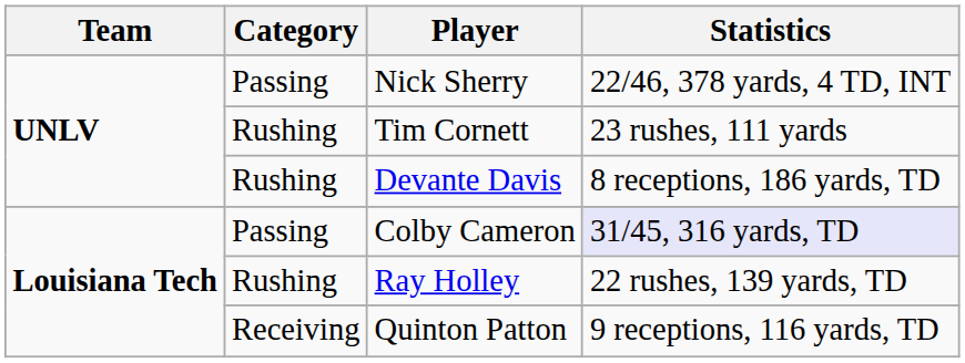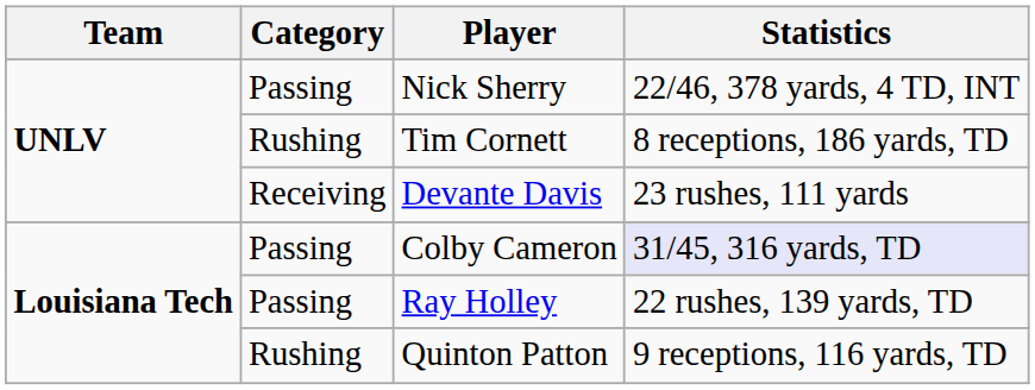 <table class="wikitable" style="float: left;">
 <tr>
 <th>Team</th>
 <th>Category</th>
 <th>Player</th>
 <th>Statistics</th>
 </tr>
 <tr>
 <td rowspan=3><strong>UNLV</strong></td>
 <td>Passing</td>
 <td>Nick Sherry</td>
 <td>22/46, 378 yards, 4 TD, INT</td>
 </tr>
 <tr>
 <td>Rushing</td>
 <td>Tim Cornett</td>
-<td>23 rushes, 111 yards</td>
+<td>8 receptions, 186 yards, TD</td>
 </tr>
 <tr>
-<td>Rushing</td>
+<td>Receiving</td>
 <td><a href='#'>Devante Davis</a></td>
-<td>8 receptions, 186 yards, TD</td>
+<td>23 rushes, 111 yards</td>
 </tr>
 <tr>
 <td rowspan=3><strong>Louisiana Tech</strong></td>
 <td>Passing</td>
 <td>Colby Cameron</td>
 <td style="background: lavender;">31/45, 316 yards, TD</td>
 </tr>
 <tr>
-<td>Rushing</td>
+<td>Passing</td>
 <td><a href='#'>Ray Holley</a></td>
 <td>22 rushes, 139 yards, TD</td>
 </tr>
 <tr>
-<td>Receiving</td>
+<td>Rushing</td>
 <td>Quinton Patton</td>
 <td>9 receptions, 116 yards, TD</td>
 </tr>
 </table>
